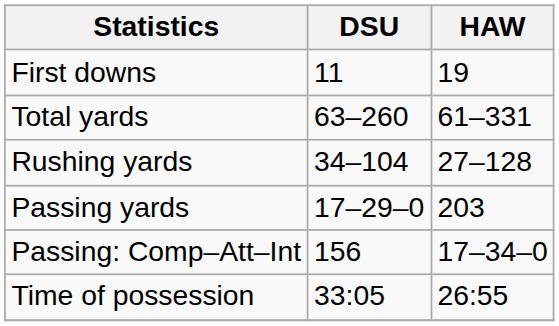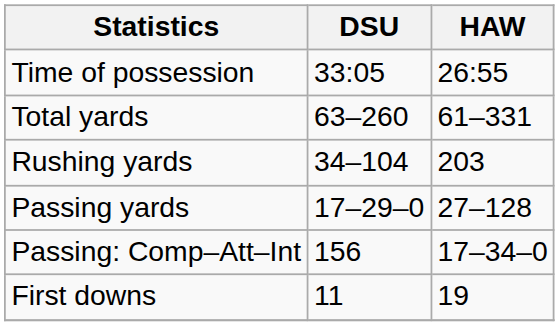 <table class="wikitable" style="float: left;">
 <tr>
 <th>Statistics</th>
 <th>DSU</th>
 <th>HAW</th>
 </tr>
 <tr>
-<td>First downs</td>
-<td>11</td>
-<td>19</td>
+<td>Time of possession</td>
+<td>33:05</td>
+<td>26:55</td>
 </tr>
 <tr>
 <td>Total yards</td>
 <td>63–260</td>
 <td>61–331</td>
 </tr>
 <tr>
 <td>Rushing yards</td>
 <td>34–104</td>
-<td>27–128</td>
+<td>203</td>
 </tr>
 <tr>
 <td>Passing yards</td>
 <td>17–29–0</td>
-<td>203</td>
+<td>27–128</td>
 </tr>
 <tr>
 <td>Passing: Comp–Att–Int</td>
 <td>156</td>
 <td>17–34–0</td>
 </tr>
 <tr>
-<td>Time of possession</td>
-<td>33:05</td>
-<td>26:55</td>
+<td>First downs</td>
+<td>11</td>
+<td>19</td>
 </tr>
 <tr>
 </tr>
 </table>
